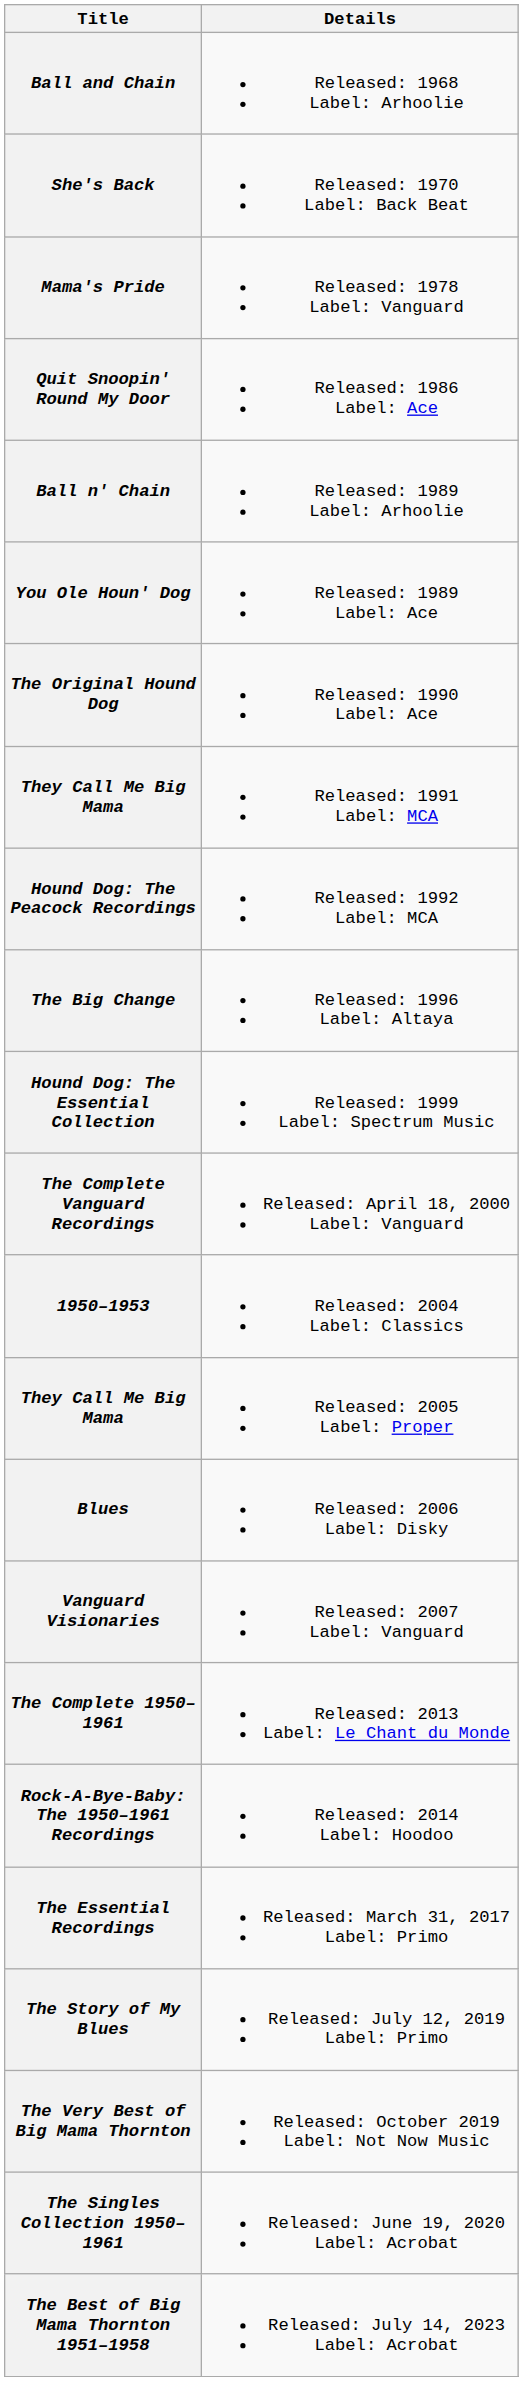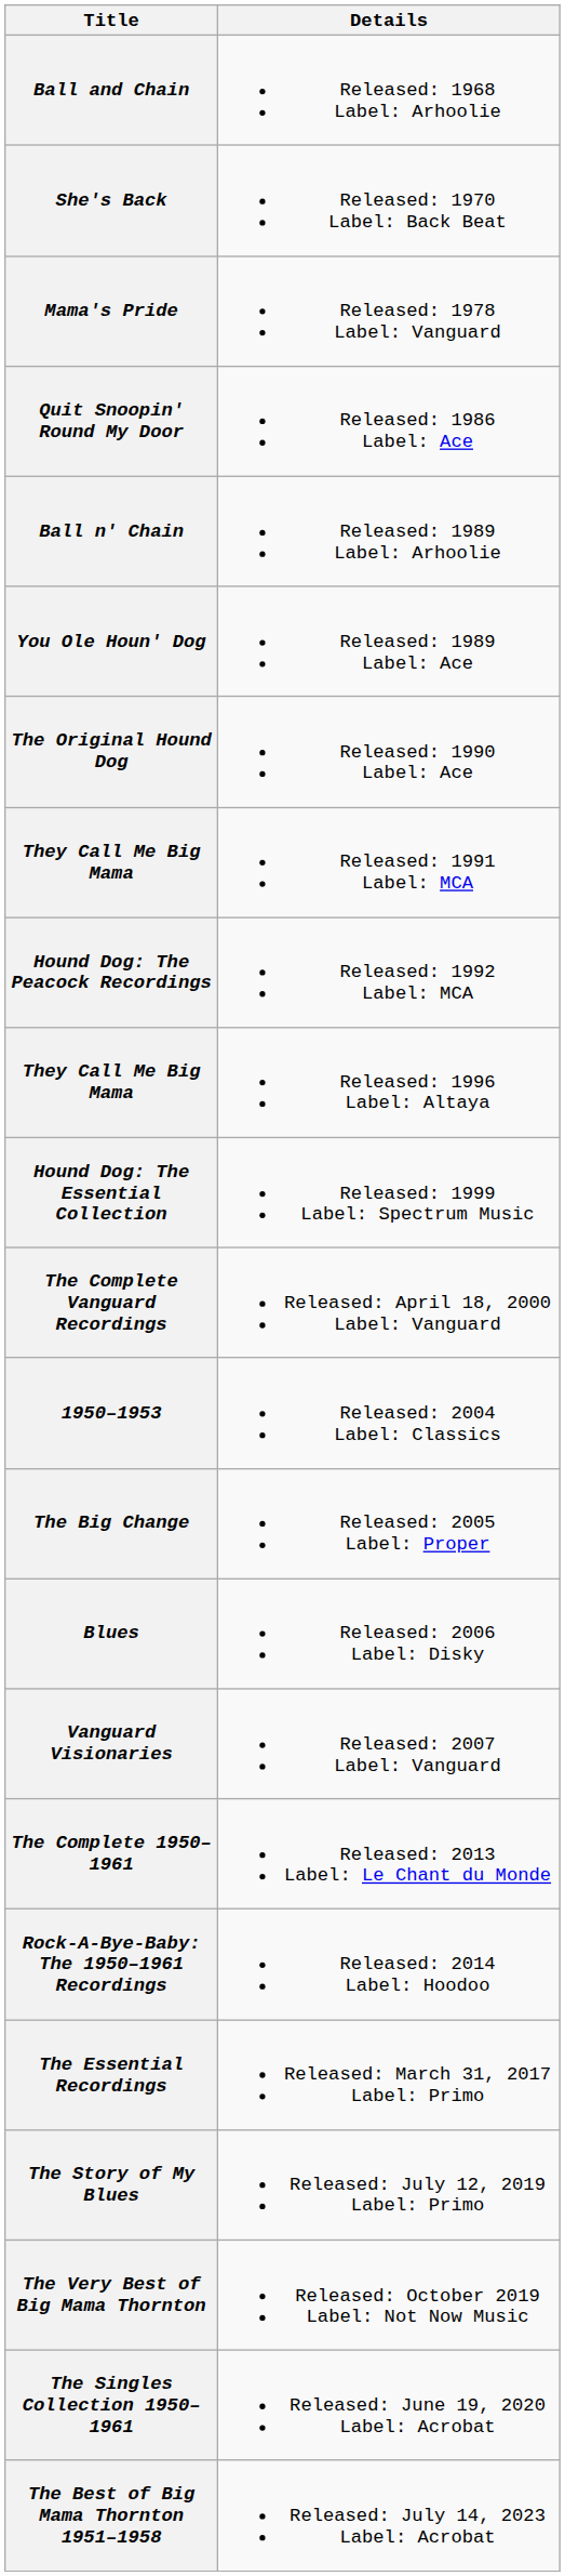 <table class="wikitable plainrowheaders" style="text-align:center;">
 <tr>
 <th scope="col" style="width:11em;">Title</th>
 <th scope="col" style="width:18em;">Details</th>
 </tr>
 <tr>
 <th scope="row"><em>Ball and Chain</em><br></th>
 <td><br><ul><li>Released: 1968</li><li>Label: Arhoolie</li></ul></td>
 </tr>
 <tr>
 <th scope="row"><em>She's Back</em></th>
 <td><br><ul><li>Released: 1970</li><li>Label: Back Beat</li></ul></td>
 </tr>
 <tr>
 <th scope="row"><em>Mama's Pride</em></th>
 <td><br><ul><li>Released: 1978</li><li>Label: Vanguard</li></ul></td>
 </tr>
 <tr>
 <th scope="row"><em>Quit Snoopin' Round My Door</em></th>
 <td><br><ul><li>Released: 1986</li><li>Label: <a href='#'>Ace</a></li></ul></td>
 </tr>
 <tr>
 <th scope="row"><em>Ball n' Chain</em></th>
 <td><br><ul><li>Released: 1989</li><li>Label: Arhoolie</li></ul></td>
 </tr>
 <tr>
 <th scope="row"><em>You Ole Houn' Dog</em></th>
 <td><br><ul><li>Released: 1989</li><li>Label: Ace</li></ul></td>
 </tr>
 <tr>
 <th scope="row"><em>The Original Hound Dog</em></th>
 <td><br><ul><li>Released: 1990</li><li>Label: Ace</li></ul></td>
 </tr>
 <tr>
 <th scope="row"><em>They Call Me Big Mama</em></th>
 <td><br><ul><li>Released: 1991</li><li>Label: <a href='#'>MCA</a></li></ul></td>
 </tr>
 <tr>
 <th scope="row"><em>Hound Dog: The Peacock Recordings</em></th>
 <td><br><ul><li>Released: 1992</li><li>Label: MCA</li></ul></td>
 </tr>
 <tr>
-<th scope="row"><em>The Big Change</em></th>
+<th scope="row"><em>They Call Me Big Mama</em></th>
 <td><br><ul><li>Released: 1996</li><li>Label: Altaya</li></ul></td>
 </tr>
 <tr>
 <th scope="row"><em>Hound Dog: The Essential Collection</em></th>
 <td><br><ul><li>Released: 1999</li><li>Label: Spectrum Music</li></ul></td>
 </tr>
 <tr>
 <th scope="row"><em>The Complete Vanguard Recordings</em></th>
 <td><br><ul><li>Released: April 18, 2000</li><li>Label: Vanguard</li></ul></td>
 </tr>
 <tr>
 <th scope="row"><em>1950–1953</em></th>
 <td><br><ul><li>Released: 2004</li><li>Label: Classics</li></ul></td>
 </tr>
 <tr>
-<th scope="row"><em>They Call Me Big Mama</em></th>
+<th scope="row"><em>The Big Change</em></th>
 <td><br><ul><li>Released: 2005</li><li>Label: <a href='#'>Proper</a></li></ul></td>
 </tr>
 <tr>
 <th scope="row"><em>Blues</em></th>
 <td><br><ul><li>Released: 2006</li><li>Label: Disky</li></ul></td>
 </tr>
 <tr>
 <th scope="row"><em>Vanguard Visionaries</em></th>
 <td><br><ul><li>Released: 2007</li><li>Label: Vanguard</li></ul></td>
 </tr>
 <tr>
 <th scope="row"><em>The Complete 1950–1961</em></th>
 <td><br><ul><li>Released: 2013</li><li>Label: <a href='#'>Le Chant du Monde</a></li></ul></td>
 </tr>
 <tr>
 <th scope="row"><em>Rock-A-Bye-Baby: The 1950–1961 Recordings</em></th>
 <td><br><ul><li>Released: 2014</li><li>Label: Hoodoo</li></ul></td>
 </tr>
 <tr>
 <th scope="row"><em>The Essential Recordings</em></th>
 <td><br><ul><li>Released: March 31, 2017</li><li>Label: Primo</li></ul></td>
 </tr>
 <tr>
 <th scope="row"><em>The Story of My Blues</em></th>
 <td><br><ul><li>Released: July 12, 2019</li><li>Label: Primo</li></ul></td>
 </tr>
 <tr>
 <th scope="row"><em>The Very Best of Big Mama Thornton</em></th>
 <td><br><ul><li>Released: October 2019</li><li>Label: Not Now Music</li></ul></td>
 </tr>
 <tr>
 <th scope="row"><em>The Singles Collection 1950–1961</em></th>
 <td><br><ul><li>Released: June 19, 2020</li><li>Label: Acrobat</li></ul></td>
 </tr>
 <tr>
 <th scope="row"><em>The Best of Big Mama Thornton 1951–1958</em></th>
 <td><br><ul><li>Released: July 14, 2023</li><li>Label: Acrobat</li></ul></td>
 </tr>
 <tr>
 </tr>
 </table>
